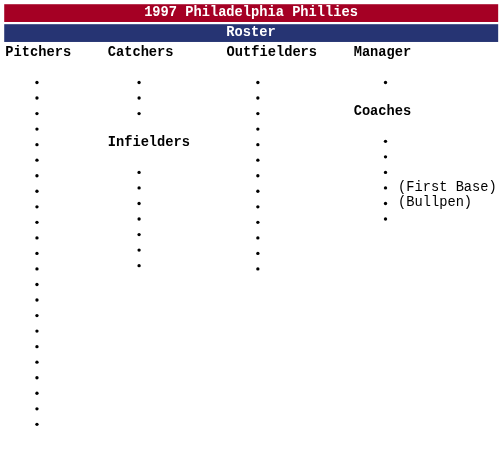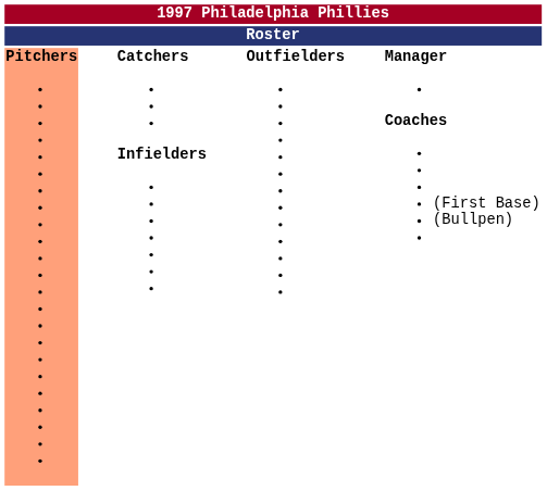 <table class="toccolours" style="font-size: 95%;">
 <tr>
 <th colspan="10" style="background-color: #A50024; color: #FFFFFF; text-align: center;">1997 Philadelphia Phillies</th>
 </tr>
 <tr>
 <td colspan="10" style="background-color: #263473; color: white; text-align: center;"><strong>Roster</strong></td>
 </tr>
 <tr>
-<td valign="top"><strong>Pitchers</strong><br><ul><li></li><li></li><li></li><li></li><li></li><li></li><li></li><li></li><li></li><li></li><li></li><li></li><li></li><li></li><li></li><li></li><li></li><li></li><li></li><li></li><li></li><li></li><li></li></ul></td>
+<td valign="top" style="background: lightsalmon;"><strong>Pitchers</strong><br><ul><li></li><li></li><li></li><li></li><li></li><li></li><li></li><li></li><li></li><li></li><li></li><li></li><li></li><li></li><li></li><li></li><li></li><li></li><li></li><li></li><li></li><li></li><li></li></ul></td>
 <td width="25px"></td>
 <td valign="top"><strong>Catchers</strong><br><ul><li></li><li></li><li></li></ul><strong>Infielders</strong><ul><li></li><li></li><li></li><li></li><li></li><li></li><li></li></ul></td>
 <td width="25px"></td>
 <td valign="top"><strong>Outfielders</strong><br><ul><li></li><li></li><li></li><li></li><li></li><li></li><li></li><li></li><li></li><li></li><li></li><li></li><li></li></ul></td>
 <td width="25px"></td>
 <td valign="top"><strong>Manager</strong><br><ul><li></li></ul><strong>Coaches</strong><ul><li></li><li></li><li></li><li> (First Base)</li><li> (Bullpen)</li><li></li></ul></td>
 </tr>
 <tr>
 </tr>
 </table>
